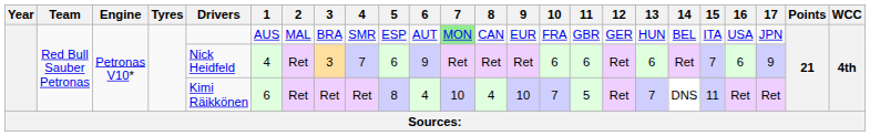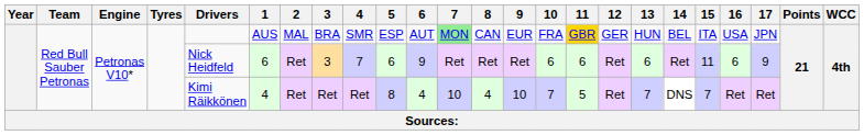 <table class="wikitable" style="text-align:center; font-size:95%">
 <tr>
 <th>Year</th>
 <th>Team</th>
 <th>Engine</th>
 <th>Tyres</th>
 <th>Drivers</th>
 <th>1</th>
 <th>2</th>
 <th>3</th>
 <th>4</th>
 <th>5</th>
 <th>6</th>
 <th>7</th>
 <th>8</th>
 <th>9</th>
 <th>10</th>
 <th>11</th>
 <th>12</th>
 <th>13</th>
 <th>14</th>
 <th>15</th>
 <th>16</th>
 <th>17</th>
 <th>Points</th>
 <th>WCC</th>
 </tr>
 <tr>
 <th rowspan="3"></th>
 <td rowspan="3"><a href='#'>Red Bull</a> <a href='#'>Sauber</a> <a href='#'>Petronas</a></td>
 <td rowspan="3"><a href='#'>Petronas</a> <a href='#'>V10</a>*</td>
 <td rowspan="3"></td>
 <td></td>
 <td><a href='#'>AUS</a></td>
 <td><a href='#'>MAL</a></td>
 <td><a href='#'>BRA</a></td>
 <td><a href='#'>SMR</a></td>
 <td><a href='#'>ESP</a></td>
 <td><a href='#'>AUT</a></td>
 <td style="background: lightgreen;"><a href='#'>MON</a></td>
 <td><a href='#'>CAN</a></td>
 <td><a href='#'>EUR</a></td>
 <td><a href='#'>FRA</a></td>
-<td><a href='#'>GBR</a></td>
+<td style="background: gold;"><a href='#'>GBR</a></td>
 <td><a href='#'>GER</a></td>
 <td><a href='#'>HUN</a></td>
 <td><a href='#'>BEL</a></td>
 <td><a href='#'>ITA</a></td>
 <td><a href='#'>USA</a></td>
 <td><a href='#'>JPN</a></td>
 <th rowspan="3">21</th>
 <th rowspan="3">4th</th>
 </tr>
 <tr>
 <td align="left"> <a href='#'>Nick Heidfeld</a></td>
-<td style="background:#DFFFDF;">4</td>
+<td style="background:#DFFFDF;">6</td>
 <td style="background:#EFCFFF;">Ret</td>
 <td style="background:#FFDF9F;">3</td>
 <td style="background:#CFCFFF;">7</td>
 <td style="background:#DFFFDF;">6</td>
 <td style="background:#CFCFFF;">9</td>
 <td style="background:#EFCFFF;">Ret</td>
 <td style="background:#EFCFFF;">Ret</td>
 <td style="background:#EFCFFF;">Ret</td>
 <td style="background:#DFFFDF;">6</td>
 <td style="background:#DFFFDF;">6</td>
 <td style="background:#EFCFFF;">Ret</td>
 <td style="background:#DFFFDF;">6</td>
 <td style="background:#EFCFFF;">Ret</td>
-<td style="background:#CFCFFF;">7</td>
+<td style="background:#CFCFFF;">11</td>
 <td style="background:#DFFFDF;">6</td>
 <td style="background:#CFCFFF;">9</td>
 </tr>
 <tr>
 <td align="left"> <a href='#'>Kimi Räikkönen</a></td>
-<td style="background:#DFFFDF;">6</td>
+<td style="background:#DFFFDF;">4</td>
 <td style="background:#EFCFFF;">Ret</td>
 <td style="background:#EFCFFF;">Ret</td>
 <td style="background:#EFCFFF;">Ret</td>
 <td style="background:#CFCFFF;">8</td>
 <td style="background:#DFFFDF;">4</td>
 <td style="background:#CFCFFF;">10</td>
 <td style="background:#DFFFDF;">4</td>
 <td style="background:#CFCFFF;">10</td>
 <td style="background:#CFCFFF;">7</td>
 <td style="background:#DFFFDF;">5</td>
 <td style="background:#EFCFFF;">Ret</td>
 <td style="background:#CFCFFF;">7</td>
 <td style="background:#FFFFFF;">DNS</td>
-<td style="background:#CFCFFF;">11</td>
+<td style="background:#CFCFFF;">7</td>
 <td style="background:#EFCFFF;">Ret</td>
 <td style="background:#EFCFFF;">Ret</td>
 </tr>
 <tr>
 <th colspan="24">Sources:</th>
 </tr>
 </table>
